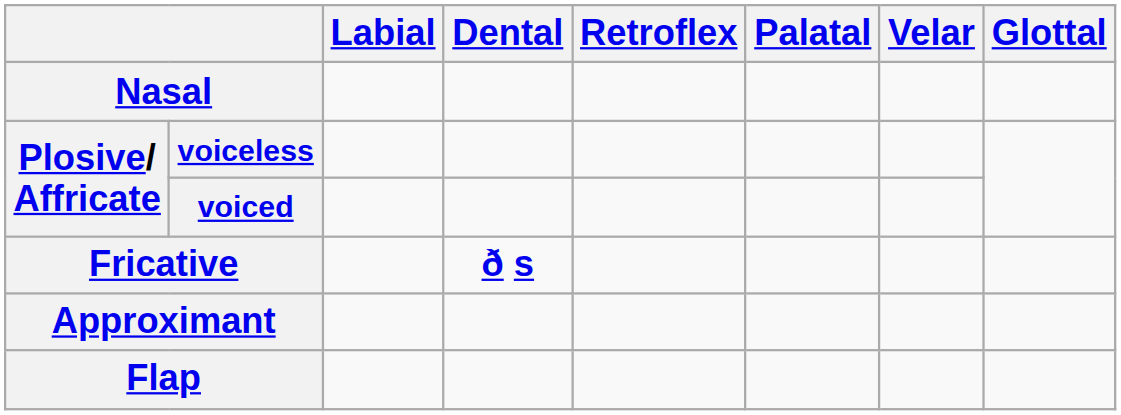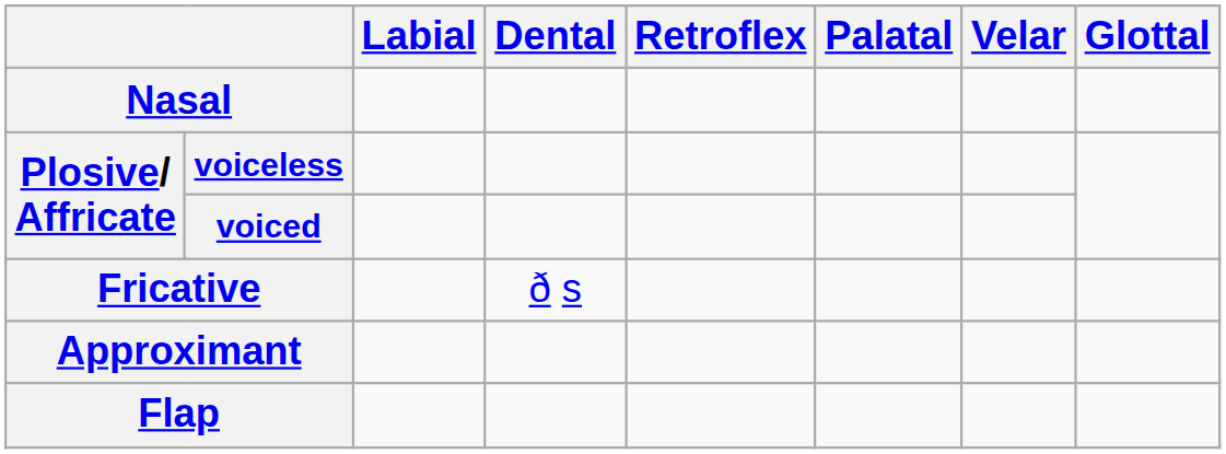 <table class="wikitable" style=text-align:center>
 <tr>
 <th colspan=2></th>
 <th><a href='#'>Labial</a></th>
 <th><a href='#'>Dental</a></th>
 <th><a href='#'>Retroflex</a></th>
 <th><a href='#'>Palatal</a></th>
 <th><a href='#'>Velar</a></th>
 <th><a href='#'>Glottal</a></th>
 </tr>
 <tr>
 <th colspan=2><a href='#'>Nasal</a></th>
 <td></td>
 <td></td>
 <td></td>
 <td></td>
 <td></td>
 <td></td>
 </tr>
 <tr>
 <th rowspan=2><a href='#'>Plosive</a>/<br><a href='#'>Affricate</a></th>
 <th><small><a href='#'>voiceless</a></small></th>
 <td></td>
 <td></td>
 <td></td>
 <td></td>
 <td></td>
 <td rowspan=2></td>
 </tr>
 <tr>
 <th><small><a href='#'>voiced</a></small></th>
 <td></td>
 <td></td>
 <td></td>
 <td></td>
 <td></td>
 </tr>
 <tr>
 <th colspan=2><a href='#'>Fricative</a></th>
 <td></td>
-<td><strong><a href='#'>ð</a> <a href='#'>s</a></strong></td>
+<td><a href='#'>ð</a> <a href='#'>s</a></td>
 <td></td>
 <td></td>
 <td></td>
 <td></td>
 </tr>
 <tr>
 <th colspan=2><a href='#'>Approximant</a></th>
 <td></td>
 <td></td>
 <td></td>
 <td></td>
 <td></td>
 <td></td>
 </tr>
 <tr>
 <th colspan=2><a href='#'>Flap</a></th>
 <td></td>
 <td></td>
 <td></td>
 <td></td>
 <td></td>
 <td></td>
 </tr>
 </table>
